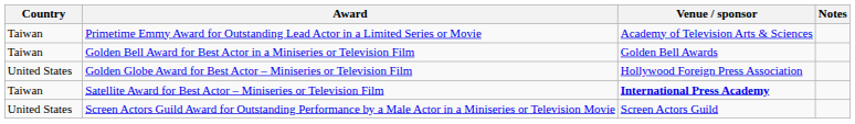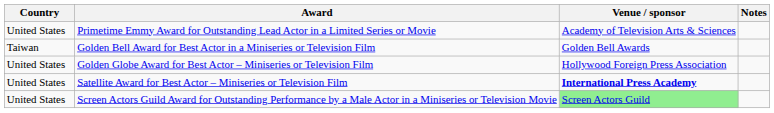 <table class="wikitable sortable">
 <tr>
 <th style="width:6em;">Country</th>
 <th>Award</th>
 <th>Venue / sponsor</th>
 <th>Notes</th>
 </tr>
 <tr>
-<td>Taiwan</td>
+<td>United States</td>
 <td><a href='#'>Primetime Emmy Award for Outstanding Lead Actor in a Limited Series or Movie</a></td>
 <td><a href='#'>Academy of Television Arts & Sciences</a></td>
 <td></td>
 </tr>
 <tr>
 <td>Taiwan</td>
 <td><a href='#'>Golden Bell Award for Best Actor in a Miniseries or Television Film</a></td>
 <td><a href='#'>Golden Bell Awards</a></td>
 <td></td>
 </tr>
 <tr>
 <td>United States</td>
 <td><a href='#'>Golden Globe Award for Best Actor – Miniseries or Television Film</a></td>
 <td><a href='#'>Hollywood Foreign Press Association</a></td>
 <td></td>
 </tr>
 <tr>
-<td>Taiwan</td>
+<td>United States</td>
 <td><a href='#'>Satellite Award for Best Actor – Miniseries or Television Film</a></td>
 <td><strong><a href='#'>International Press Academy</a></strong></td>
 <td></td>
 </tr>
 <tr>
 <td>United States</td>
 <td><a href='#'>Screen Actors Guild Award for Outstanding Performance by a Male Actor in a Miniseries or Television Movie</a></td>
-<td><a href='#'>Screen Actors Guild</a></td>
+<td style="background: lightgreen;"><a href='#'>Screen Actors Guild</a></td>
 <td></td>
 </tr>
 </table>
